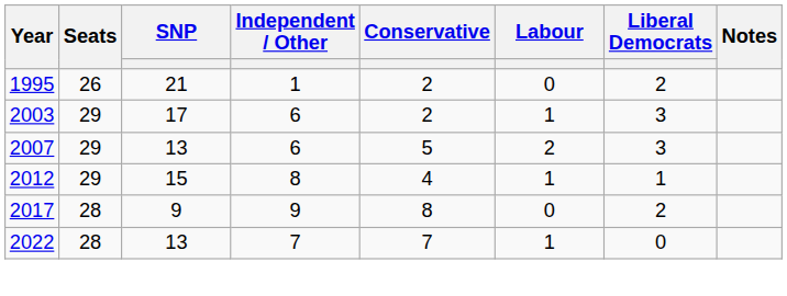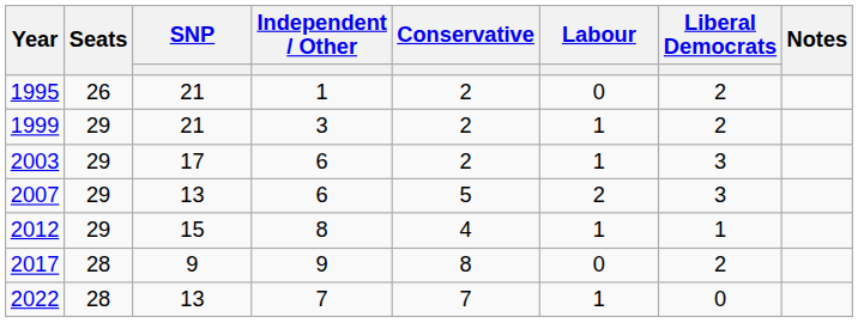 <table class="wikitable" style=text-align:center>
 <tr>
 <th rowspan=2>Year</th>
 <th rowspan=2>Seats</th>
 <th width="80"><a href='#'>SNP</a></th>
 <th width="80"><a href='#'>Independent / Other</a></th>
 <th width="80"><a href='#'>Conservative</a></th>
 <th width="80"><a href='#'>Labour</a></th>
 <th width="80"><a href='#'>Liberal Democrats</a></th>
 <th rowspan=2>Notes</th>
 </tr>
 <tr>
 <th style="background-color: "></th>
 <th style="background-color: "></th>
 <th style="background-color: "></th>
 <th style="background-color: "></th>
 <th style="background-color: "></th>
 </tr>
 <tr>
 <td><a href='#'>1995</a></td>
 <td>26</td>
 <td>21</td>
 <td>1</td>
 <td>2</td>
 <td>0</td>
+<td>2</td>
+<td align=left></td>
+</tr>
+<tr>
+<td><a href='#'>1999</a></td>
+<td>29</td>
+<td>21</td>
+<td>3</td>
+<td>2</td>
+<td>1</td>
 <td>2</td>
 <td align=left></td>
 </tr>
 <tr>
 <td><a href='#'>2003</a></td>
 <td>29</td>
 <td>17</td>
 <td>6</td>
 <td>2</td>
 <td>1</td>
 <td>3</td>
 <td align=left></td>
 </tr>
 <tr>
 <td><a href='#'>2007</a></td>
 <td>29</td>
 <td>13</td>
 <td>6</td>
 <td>5</td>
 <td>2</td>
 <td>3</td>
 <td align=left></td>
 </tr>
 <tr>
 <td><a href='#'>2012</a></td>
 <td>29</td>
 <td>15</td>
 <td>8</td>
 <td>4</td>
 <td>1</td>
 <td>1</td>
 <td align=left></td>
 </tr>
 <tr>
 <td><a href='#'>2017</a></td>
 <td>28</td>
 <td>9</td>
 <td>9</td>
 <td>8</td>
 <td>0</td>
 <td>2</td>
 <td align=left></td>
 </tr>
 <tr>
 <td><a href='#'>2022</a></td>
 <td>28</td>
 <td>13</td>
 <td>7</td>
 <td>7</td>
 <td>1</td>
 <td>0</td>
 <td align=left></td>
 </tr>
 </table>
